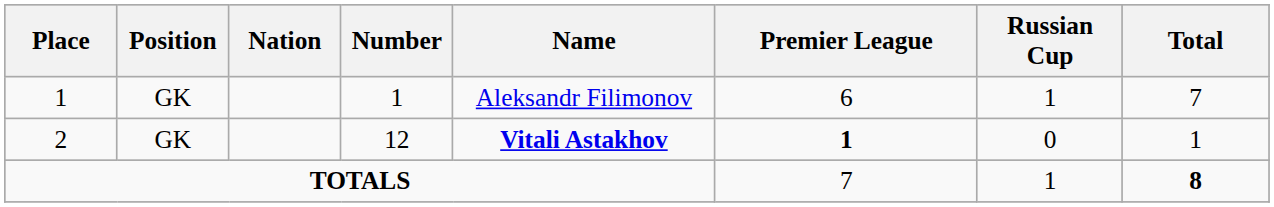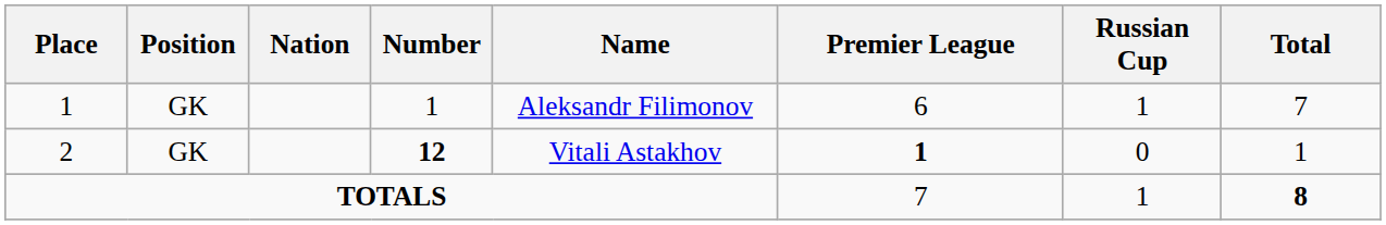 <table class="wikitable" style="font-size: 95%; text-align: center;">
 <tr>
 <th width=60>Place</th>
 <th width=60>Position</th>
 <th width=60>Nation</th>
 <th width=60>Number</th>
 <th width=150>Name</th>
 <th width=150>Premier League</th>
 <th width=80>Russian Cup</th>
 <th width=80>Total</th>
 </tr>
 <tr>
 <td>1</td>
 <td>GK</td>
 <td></td>
 <td>1</td>
 <td><a href='#'>Aleksandr Filimonov</a></td>
 <td>6</td>
 <td>1</td>
 <td>7</td>
 </tr>
 <tr>
 <td>2</td>
 <td>GK</td>
 <td></td>
-<td>12</td>
-<td><strong><a href='#'>Vitali Astakhov</a></strong></td>
+<td><strong>12</strong></td>
+<td><a href='#'>Vitali Astakhov</a></td>
 <td><strong>1</strong></td>
 <td>0</td>
 <td>1</td>
 </tr>
 <tr>
 <td colspan="5"><strong>TOTALS</strong></td>
 <td>7</td>
 <td>1</td>
 <td><strong>8</strong></td>
 </tr>
 </table>
